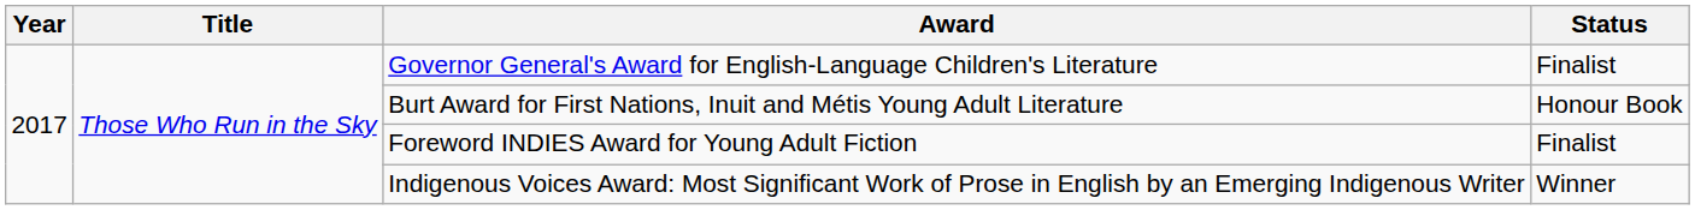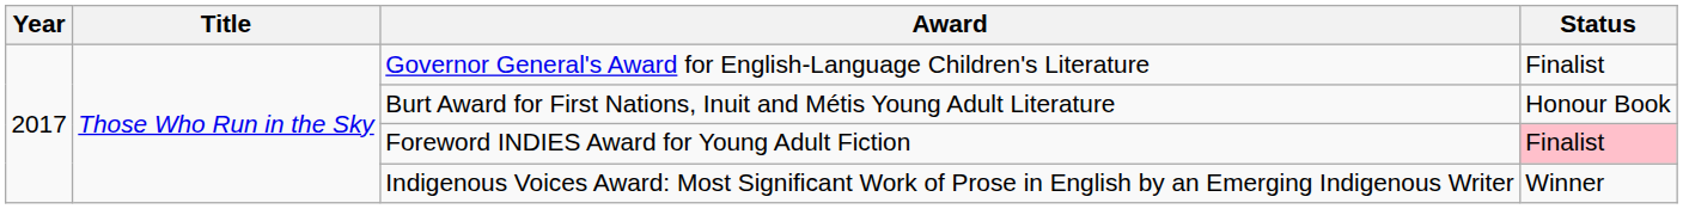 <table class="wikitable">
 <tr>
 <th>Year</th>
 <th>Title</th>
 <th>Award</th>
 <th>Status</th>
 </tr>
 <tr>
 <td rowspan="4">2017</td>
 <td rowspan="4"><em><a href='#'>Those Who Run in the Sky</a></em></td>
 <td><a href='#'>Governor General's Award</a> for English-Language Children's Literature</td>
 <td>Finalist</td>
 </tr>
 <tr>
 <td>Burt Award for First Nations, Inuit and Métis Young Adult Literature</td>
 <td>Honour Book</td>
 </tr>
 <tr>
 <td>Foreword INDIES Award for Young Adult Fiction</td>
-<td>Finalist</td>
+<td style="background: pink;">Finalist</td>
 </tr>
 <tr>
 <td>Indigenous Voices Award: Most Significant Work of Prose in English by an Emerging Indigenous Writer</td>
 <td>Winner</td>
 </tr>
 </table>
